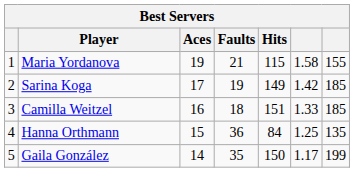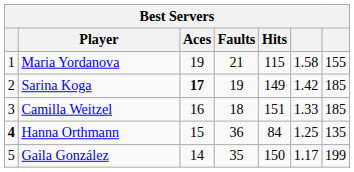 <table class="wikitable sortable" style=font-size:90%>
 <tr>
 <th colspan=7>Best Servers</th>
 </tr>
 <tr>
 <th></th>
 <th width=158>Player</th>
 <th width=20>Aces</th>
 <th width=20>Faults</th>
 <th width=20>Hits</th>
 <th width=20></th>
 <th width=20></th>
 </tr>
 <tr>
 <td>1</td>
 <td> <a href='#'>Maria Yordanova</a></td>
 <td align=center>19</td>
 <td align=center>21</td>
 <td align=center>115</td>
 <td align=center>1.58</td>
 <td align=center>155</td>
 </tr>
 <tr>
 <td>2</td>
 <td> <a href='#'>Sarina Koga</a></td>
-<td align=center>17</td>
+<td align=center><strong>17</strong></td>
 <td align=center>19</td>
 <td align=center>149</td>
 <td align=center>1.42</td>
 <td align=center>185</td>
 </tr>
 <tr>
 <td>3</td>
 <td> <a href='#'>Camilla Weitzel</a></td>
 <td align=center>16</td>
 <td align=center>18</td>
 <td align=center>151</td>
 <td align=center>1.33</td>
 <td align=center>185</td>
 </tr>
 <tr>
-<td>4</td>
+<td><strong>4</strong></td>
 <td> <a href='#'>Hanna Orthmann</a></td>
 <td align=center>15</td>
 <td align=center>36</td>
 <td align=center>84</td>
 <td align=center>1.25</td>
 <td align=center>135</td>
 </tr>
 <tr>
 <td>5</td>
 <td> <a href='#'>Gaila González</a></td>
 <td align=center>14</td>
 <td align=center>35</td>
 <td align=center>150</td>
 <td align=center>1.17</td>
 <td align=center>199</td>
 </tr>
 </table>
